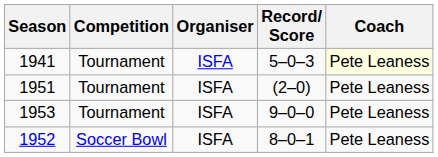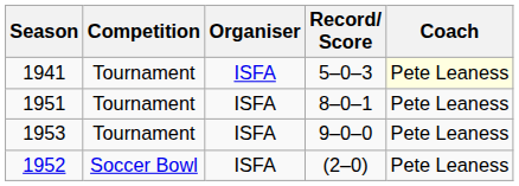 <table class="wikitable" style="text-align:center;">
 <tr>
 <th width=px>Season</th>
 <th width=px>Competition</th>
 <th width=px>Organiser</th>
 <th width=px>Record/<br>Score</th>
 <th width=px>Coach</th>
 </tr>
 <tr>
 <td>1941</td>
 <td>Tournament</td>
 <td><a href='#'>ISFA</a></td>
 <td>5–0–3</td>
 <td style="background: lightyellow;">Pete Leaness</td>
 </tr>
 <tr>
 <td>1951</td>
 <td>Tournament</td>
 <td>ISFA</td>
-<td>(2–0)</td>
+<td>8–0–1</td>
 <td>Pete Leaness</td>
 </tr>
 <tr>
 <td>1953</td>
 <td>Tournament</td>
 <td>ISFA</td>
 <td>9–0–0</td>
 <td>Pete Leaness</td>
 </tr>
 <tr>
 <td><a href='#'>1952</a></td>
 <td><a href='#'>Soccer Bowl</a></td>
 <td>ISFA</td>
-<td>8–0–1</td>
+<td>(2–0)</td>
 <td>Pete Leaness</td>
 </tr>
 </table>
